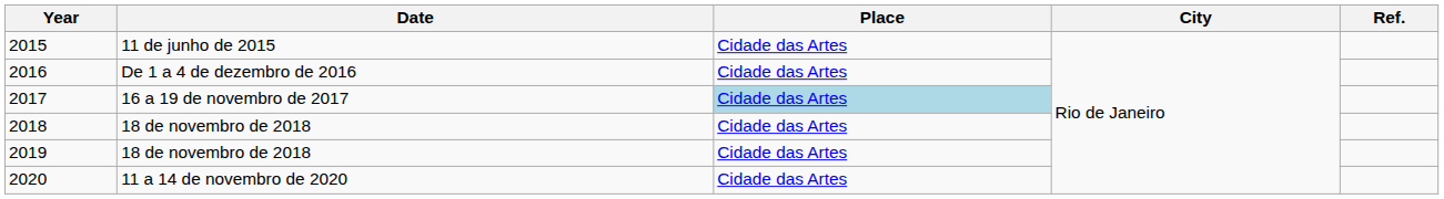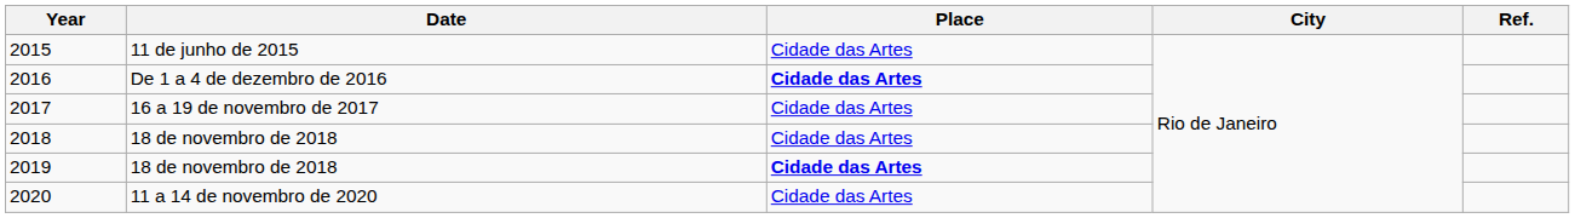 <table class="wikitable plainrowheaders" style="width:85%;">
 <tr>
 <th>Year</th>
 <th>Date</th>
 <th>Place</th>
 <th>City</th>
 <th>Ref.</th>
 </tr>
 <tr>
 <td>2015</td>
 <td>11 de junho de 2015</td>
 <td><a href='#'>Cidade das Artes</a></td>
 <td rowspan="6">Rio de Janeiro </td>
 <td></td>
 </tr>
 <tr>
 <td>2016</td>
 <td>De 1 a 4 de dezembro de 2016 </td>
-<td><a href='#'>Cidade das Artes</a></td>
+<td><strong><a href='#'>Cidade das Artes</a></strong></td>
 <td></td>
 </tr>
 <tr>
 <td>2017</td>
 <td>16 a 19 de novembro de 2017 </td>
-<td style="background: lightblue;"><a href='#'>Cidade das Artes</a></td>
+<td><a href='#'>Cidade das Artes</a></td>
 <td></td>
 </tr>
 <tr>
 <td>2018</td>
 <td>18 de novembro de 2018 </td>
 <td><a href='#'>Cidade das Artes</a></td>
 <td></td>
 </tr>
 <tr>
 <td>2019</td>
 <td>18 de novembro de 2018 </td>
-<td><a href='#'>Cidade das Artes</a></td>
+<td><strong><a href='#'>Cidade das Artes</a></strong></td>
 <td></td>
 </tr>
 <tr>
 <td>2020</td>
 <td>11 a 14 de novembro de 2020 </td>
 <td><a href='#'>Cidade das Artes</a></td>
 <td></td>
 </tr>
 </table>
